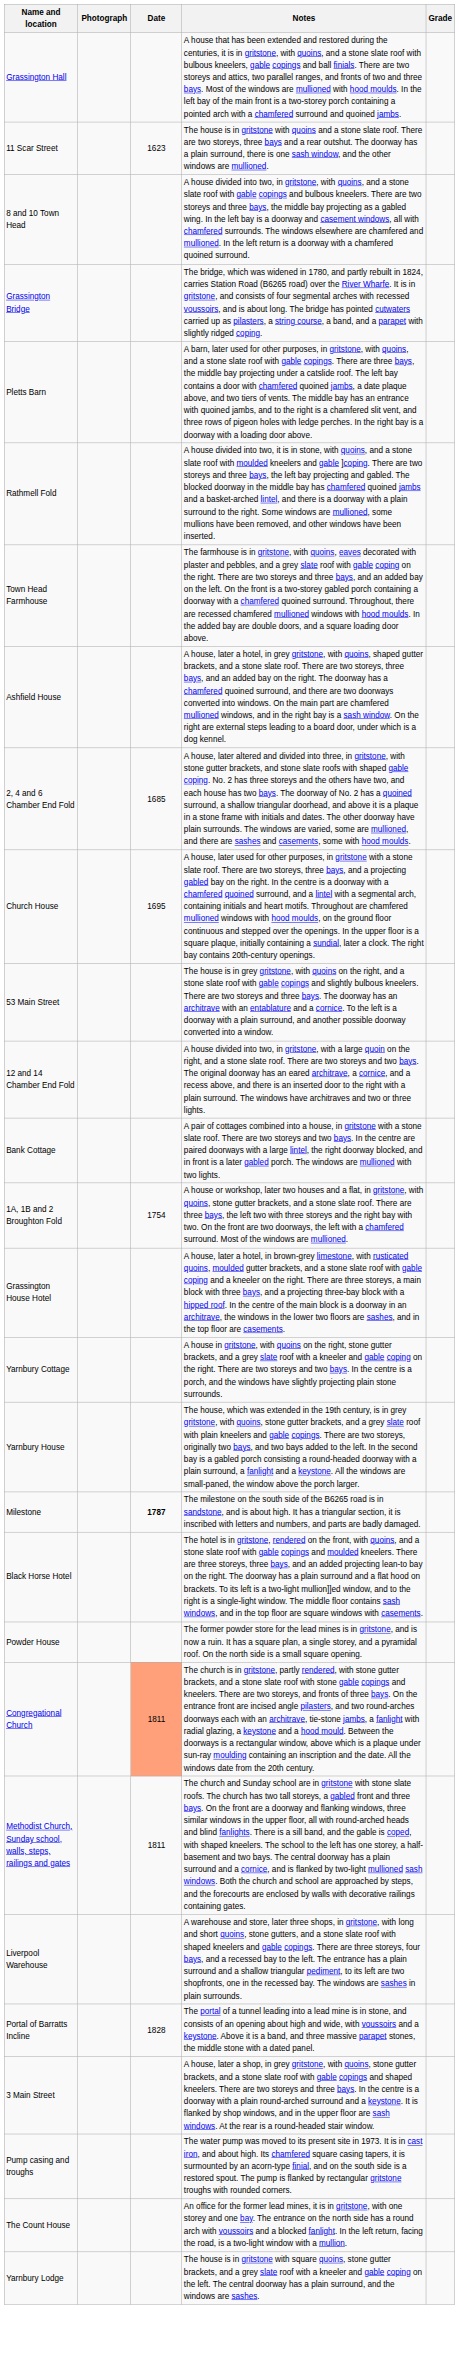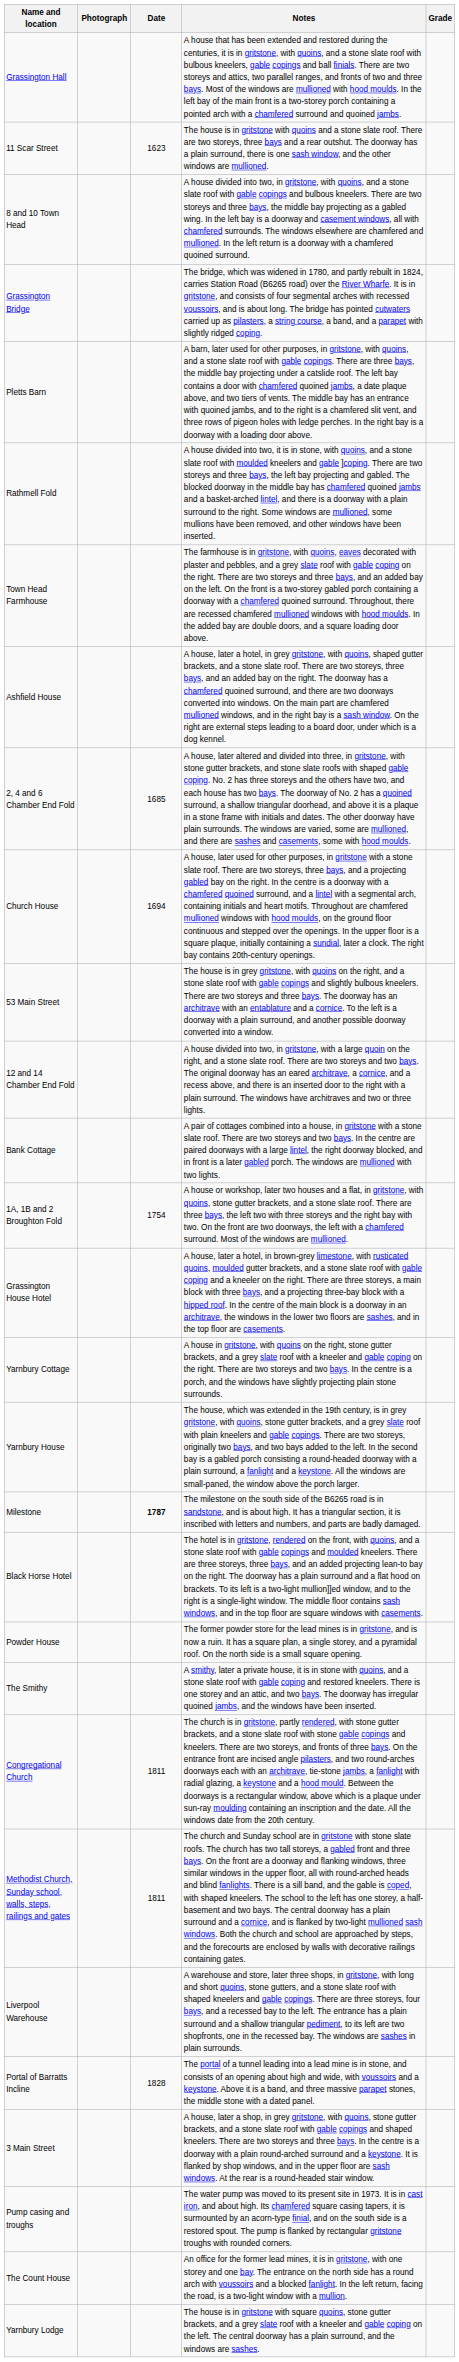 <table class="wikitable sortable plainrowheaders" style="width:100%; border:0px; text-align:left; line-height:150%">
 <tr>
 <th scope="col"  style="width:150px">Name and location</th>
 <th scope="col"  style="width:100px" class="unsortable">Photograph</th>
 <th scope="col"  style="width:120px">Date</th>
 <th scope="col"  style="width:650px" class="unsortable">Notes</th>
 <th scope="col"  style="width:50px">Grade</th>
 </tr>
 <tr>
 <td><a href='#'>Grassington Hall</a><br><small></small></td>
 <td></td>
 <td align="center"></td>
 <td>A house that has been extended and restored during the centuries, it is in <a href='#'>gritstone</a>, with <a href='#'>quoins</a>, and a stone slate roof with bulbous kneelers, <a href='#'>gable</a> <a href='#'>copings</a> and ball <a href='#'>finials</a>.  There are two storeys and attics, two parallel ranges, and fronts of two and three <a href='#'>bays</a>.  Most of the windows are <a href='#'>mullioned</a> with <a href='#'>hood moulds</a>.  In the left bay of the main front is a two-storey porch containing a pointed arch with a <a href='#'>chamfered</a> surround and quoined <a href='#'>jambs</a>.</td>
 <td align="center" ></td>
 </tr>
 <tr>
 <td>11 Scar Street<br><small></small></td>
 <td></td>
 <td align="center">1623</td>
 <td>The house is in <a href='#'>gritstone</a> with <a href='#'>quoins</a> and a stone slate roof.  There are two storeys, three <a href='#'>bays</a> and a rear outshut.  The doorway has a plain surround, there is one <a href='#'>sash window</a>, and the other windows are <a href='#'>mullioned</a>.</td>
 <td align="center" ></td>
 </tr>
 <tr>
 <td>8 and 10 Town Head<br><small></small></td>
 <td></td>
 <td align="center"></td>
 <td>A house divided into two, in <a href='#'>gritstone</a>, with <a href='#'>quoins</a>, and a stone slate roof with <a href='#'>gable</a> <a href='#'>copings</a> and bulbous kneelers.  There are two storeys and three <a href='#'>bays</a>, the middle bay projecting as a gabled wing.  In the left bay is a doorway and <a href='#'>casement windows</a>, all with <a href='#'>chamfered</a> surrounds.  The windows elsewhere are chamfered and <a href='#'>mullioned</a>.  In the left return is a doorway with a chamfered quoined surround.</td>
 <td align="center" ></td>
 </tr>
 <tr>
 <td><a href='#'>Grassington Bridge</a><br><small></small></td>
 <td></td>
 <td align="center"></td>
 <td>The bridge, which was widened in 1780, and partly rebuilt in 1824, carries Station Road (B6265 road) over the <a href='#'>River Wharfe</a>.  It is in <a href='#'>gritstone</a>, and consists of four segmental arches with recessed <a href='#'>voussoirs</a>, and is about  long.  The bridge has pointed <a href='#'>cutwaters</a> carried up as <a href='#'>pilasters</a>, a <a href='#'>string course</a>, a band, and a <a href='#'>parapet</a> with slightly ridged <a href='#'>coping</a>.</td>
 <td align="center" ></td>
 </tr>
 <tr>
 <td>Pletts Barn<br><small></small></td>
 <td></td>
 <td align="center"></td>
 <td>A barn, later used for other purposes, in <a href='#'>gritstone</a>, with <a href='#'>quoins</a>, and a stone slate roof with <a href='#'>gable</a> <a href='#'>copings</a>.  There are three <a href='#'>bays</a>, the middle bay projecting under a catslide roof.  The left bay contains a door with <a href='#'>chamfered</a> quoined <a href='#'>jambs</a>, a date plaque above, and two tiers of vents.  The middle bay has an entrance with quoined jambs, and to the right is a chamfered slit vent, and three rows of pigeon holes with ledge perches.  In the right bay is a doorway with a loading door above.</td>
 <td align="center" ></td>
 </tr>
 <tr>
 <td>Rathmell Fold<br><small></small></td>
 <td></td>
 <td align="center"></td>
 <td>A house divided into two, it is in stone, with <a href='#'>quoins</a>, and a stone slate roof with <a href='#'>moulded</a> kneelers and <a href='#'>gable</a> ]<a href='#'>coping</a>.  There are two storeys and three <a href='#'>bays</a>, the left bay projecting and gabled.  The blocked doorway in the middle bay has <a href='#'>chamfered</a> quoined <a href='#'>jambs</a> and a basket-arched <a href='#'>lintel</a>, and there is a doorway with a plain surround to the right. Some windows are <a href='#'>mullioned</a>, some mullions have been removed, and other windows have been inserted.</td>
 <td align="center" ></td>
 </tr>
 <tr>
 <td>Town Head Farmhouse<br><small></small></td>
 <td></td>
 <td align="center"></td>
 <td>The farmhouse is in <a href='#'>gritstone</a>, with <a href='#'>quoins</a>, <a href='#'>eaves</a> decorated with plaster and pebbles, and a grey <a href='#'>slate</a> roof with <a href='#'>gable</a> <a href='#'>coping</a> on the right.  There are two storeys and three <a href='#'>bays</a>, and an added bay on the left.  On the front is a two-storey gabled porch containing a doorway with a <a href='#'>chamfered</a> quoined surround.  Throughout, there are recessed chamfered <a href='#'>mullioned</a> windows with <a href='#'>hood moulds</a>.  In the added bay are double doors, and a square loading door above.</td>
 <td align="center" ></td>
 </tr>
 <tr>
 <td>Ashfield House<br><small></small></td>
 <td></td>
 <td align="center"></td>
 <td>A house, later a hotel, in grey <a href='#'>gritstone</a>, with <a href='#'>quoins</a>, shaped gutter brackets, and a stone slate roof.  There are two storeys, three <a href='#'>bays</a>, and an added bay on the right.  The doorway has a <a href='#'>chamfered</a> quoined surround, and there are two doorways converted into windows.  On the main part are chamfered <a href='#'>mullioned</a> windows, and in the right bay is a <a href='#'>sash window</a>.  On the right are external steps leading to a board door, under which is a dog kennel.</td>
 <td align="center" ></td>
 </tr>
 <tr>
 <td>2, 4 and 6 Chamber End Fold<br><small></small></td>
 <td></td>
 <td align="center">1685</td>
 <td>A house, later altered and divided into three, in <a href='#'>gritstone</a>, with stone gutter brackets, and stone slate roofs with shaped <a href='#'>gable</a> <a href='#'>coping</a>.  No. 2 has three storeys and the others have two, and each house has two <a href='#'>bays</a>.  The doorway of No. 2 has a <a href='#'>quoined</a> surround, a shallow triangular doorhead, and above it is a plaque in a stone frame with initials and dates.  The other doorway have plain surrounds.  The windows are varied, some are <a href='#'>mullioned</a>, and there are <a href='#'>sashes</a> and <a href='#'>casements</a>, some with <a href='#'>hood moulds</a>.</td>
 <td align="center" ></td>
 </tr>
 <tr>
 <td>Church House<br><small></small></td>
 <td></td>
-<td align="center">1695</td>
+<td align="center">1694</td>
 <td>A house, later used for other purposes, in <a href='#'>gritstone</a> with a stone slate roof.  There are two storeys, three <a href='#'>bays</a>, and a projecting <a href='#'>gabled</a> bay on the right.  In the centre is a doorway with a <a href='#'>chamfered</a> <a href='#'>quoined</a> surround, and a <a href='#'>lintel</a> with a segmental arch, containing initials and heart motifs.  Throughout are chamfered <a href='#'>mullioned</a> windows with <a href='#'>hood moulds</a>, on the ground floor continuous and stepped over the openings.  In the upper floor is a square plaque, initially containing a <a href='#'>sundial</a>, later a clock.  The right bay contains 20th-century openings.</td>
 <td align="center" ></td>
 </tr>
 <tr>
 <td>53 Main Street<br><small></small></td>
 <td></td>
 <td align="center"></td>
 <td>The house is in grey <a href='#'>gritstone</a>, with <a href='#'>quoins</a> on the right, and a stone slate roof with <a href='#'>gable</a> <a href='#'>copings</a> and slightly bulbous kneelers.  There are two storeys and three <a href='#'>bays</a>.  The doorway has an <a href='#'>architrave</a> with an <a href='#'>entablature</a> and a <a href='#'>cornice</a>.  To the left is a doorway with a plain surround, and another possible doorway converted into a window.</td>
 <td align="center" ></td>
 </tr>
 <tr>
 <td>12 and 14 Chamber End Fold<br><small></small></td>
 <td></td>
 <td align="center"></td>
 <td>A house divided into two, in <a href='#'>gritstone</a>, with a large <a href='#'>quoin</a> on the right, and a stone slate roof.  There are two storeys and two <a href='#'>bays</a>.  The original doorway has an eared <a href='#'>architrave</a>, a <a href='#'>cornice</a>, and a recess above, and there is an inserted door to the right with a plain surround.  The windows have architraves and two or three lights.</td>
 <td align="center" ></td>
 </tr>
 <tr>
 <td>Bank Cottage<br><small></small></td>
 <td></td>
 <td align="center"></td>
 <td>A pair of cottages combined into a house, in <a href='#'>gritstone</a> with a stone slate roof.  There are two storeys and two <a href='#'>bays</a>.  In the centre are paired doorways with a large <a href='#'>lintel</a>, the right doorway blocked, and in front is a later <a href='#'>gabled</a> porch.  The windows are <a href='#'>mullioned</a> with two lights.</td>
 <td align="center" ></td>
 </tr>
 <tr>
 <td>1A, 1B and 2 Broughton Fold<br><small></small></td>
 <td></td>
 <td align="center">1754</td>
 <td>A house or workshop, later two houses and a flat, in <a href='#'>gritstone</a>, with <a href='#'>quoins</a>, stone gutter brackets, and a stone slate roof.  There are three <a href='#'>bays</a>, the left two with three storeys and the right bay with two.  On the front are two doorways, the left with a <a href='#'>chamfered</a> surround.  Most of the windows are <a href='#'>mullioned</a>.</td>
 <td align="center" ></td>
 </tr>
 <tr>
 <td>Grassington House Hotel<br><small></small></td>
 <td></td>
 <td align="center"></td>
 <td>A house, later a hotel, in brown-grey <a href='#'>limestone</a>, with <a href='#'>rusticated</a> <a href='#'>quoins</a>, <a href='#'>moulded</a> gutter brackets, and a stone slate roof with <a href='#'>gable</a> <a href='#'>coping</a> and a kneeler on the right.  There are three storeys, a main block with three <a href='#'>bays</a>, and a projecting three-bay block with a <a href='#'>hipped roof</a>.  In the centre of the main block is a doorway in an <a href='#'>architrave</a>, the windows in the lower two floors are <a href='#'>sashes</a>, and in the top floor are <a href='#'>casements</a>.</td>
 <td align="center" ></td>
 </tr>
 <tr>
 <td>Yarnbury Cottage<br><small></small></td>
 <td></td>
 <td align="center"></td>
 <td>A house in <a href='#'>gritstone</a>, with <a href='#'>quoins</a> on the right, stone gutter brackets, and a grey <a href='#'>slate</a> roof with a kneeler and <a href='#'>gable</a> <a href='#'>coping</a> on the right.  There are two storeys and two <a href='#'>bays</a>.  In the centre is a porch, and the windows have slightly projecting plain stone surrounds.</td>
 <td align="center" ></td>
 </tr>
 <tr>
 <td>Yarnbury House<br><small></small></td>
 <td></td>
 <td align="center"></td>
 <td>The house, which was extended in the 19th century, is in grey <a href='#'>gritstone</a>, with <a href='#'>quoins</a>, stone gutter brackets, and a grey <a href='#'>slate</a> roof with plain kneelers and <a href='#'>gable</a> <a href='#'>copings</a>.  There are two storeys, originally two <a href='#'>bays</a>, and two bays added to the left.  In the second bay is a gabled porch consisting a round-headed doorway with a plain surround, a <a href='#'>fanlight</a> and a <a href='#'>keystone</a>.  All the windows are small-paned, the window above the porch larger.</td>
 <td align="center" ></td>
 </tr>
 <tr>
 <td>Milestone<br><small></small></td>
 <td></td>
 <td align="center"><strong>1787</strong></td>
 <td>The milestone on the south side of the B6265 road is in <a href='#'>sandstone</a>, and is about  high.  It has a triangular section, it is inscribed with letters and numbers, and parts are badly damaged.</td>
 <td align="center" ></td>
 </tr>
 <tr>
 <td>Black Horse Hotel<br><small></small></td>
 <td></td>
 <td align="center"></td>
 <td>The hotel is in <a href='#'>gritstone</a>, <a href='#'>rendered</a> on the front, with <a href='#'>quoins</a>, and a stone slate roof with <a href='#'>gable</a> <a href='#'>copings</a> and <a href='#'>moulded</a> kneelers.  There are three storeys, three <a href='#'>bays</a>, and an added projecting lean-to bay on the right.  The doorway has a plain surround and a flat hood on brackets. To its left is a two-light mullion]]ed window, and to the right is a single-light window.  The middle floor contains <a href='#'>sash windows</a>, and in the top floor are square windows with <a href='#'>casements</a>.</td>
 <td align="center" ></td>
 </tr>
 <tr>
 <td>Powder House<br><small></small></td>
 <td></td>
 <td align="center"></td>
 <td>The former powder store for the lead mines is in <a href='#'>gritstone</a>, and is now a ruin.  It has a square plan, a single storey, and a pyramidal roof.  On the north side is a small square opening.</td>
 <td align="center" ></td>
 </tr>
 <tr>
+<td>The Smithy<br><small></small></td>
+<td></td>
+<td align="center"></td>
+<td>A <a href='#'>smithy</a>, later a private house, it is in stone with <a href='#'>quoins</a>, and a stone slate roof with <a href='#'>gable</a> <a href='#'>coping</a> and restored kneelers.  There is one storey and an attic, and two <a href='#'>bays</a>.  The doorway has irregular quoined <a href='#'>jambs</a>, and the windows have been inserted.</td>
+<td align="center" ></td>
+</tr>
+<tr>
 <td><a href='#'>Congregational Church</a><br><small></small></td>
 <td></td>
-<td align="center" style="background: lightsalmon;">1811</td>
+<td align="center">1811</td>
 <td>The church is in <a href='#'>gritstone</a>, partly <a href='#'>rendered</a>, with stone gutter brackets, and a stone slate roof with stone <a href='#'>gable</a> <a href='#'>copings</a> and kneelers.  There are two storeys, and fronts of three <a href='#'>bays</a>.  On the entrance front are incised angle <a href='#'>pilasters</a>, and two round-arches doorways each with an <a href='#'>architrave</a>, tie-stone <a href='#'>jambs</a>, a <a href='#'>fanlight</a> with radial glazing, a <a href='#'>keystone</a> and a <a href='#'>hood mould</a>.  Between the doorways is a rectangular window, above which is a plaque under sun-ray <a href='#'>moulding</a> containing an inscription and the date.  All the windows date from the 20th century.</td>
 <td align="center" ></td>
 </tr>
 <tr>
 <td><a href='#'>Methodist Church, Sunday school, walls, steps, railings and gates</a><br><small></small></td>
 <td></td>
 <td align="center">1811</td>
 <td>The church and Sunday school are in <a href='#'>gritstone</a> with stone slate roofs.  The church has two tall storeys, a <a href='#'>gabled</a> front and three <a href='#'>bays</a>.  On the front are a doorway and flanking windows, three similar windows in the upper floor, all with round-arched heads and blind <a href='#'>fanlights</a>.  There is a sill band, and the gable is <a href='#'>coped</a>, with shaped kneelers.  The school to the left has one storey, a half-basement and two bays.  The central doorway has a plain surround and a <a href='#'>cornice</a>, and is flanked by two-light <a href='#'>mullioned</a> <a href='#'>sash windows</a>.  Both the church and school are approached by steps, and the forecourts are enclosed by walls with decorative railings containing gates.</td>
 <td align="center" ></td>
 </tr>
 <tr>
 <td>Liverpool Warehouse<br><small></small></td>
 <td></td>
 <td align="center"></td>
 <td>A warehouse and store, later three shops, in <a href='#'>gritstone</a>, with long and short <a href='#'>quoins</a>, stone gutters, and a stone slate roof with shaped kneelers and <a href='#'>gable</a> <a href='#'>copings</a>.  There are three storeys, four <a href='#'>bays</a>, and a recessed bay to the left.  The entrance has a plain surround and a shallow triangular <a href='#'>pediment</a>, to its left are two shopfronts, one in the recessed bay.  The windows are <a href='#'>sashes</a> in plain surrounds.</td>
 <td align="center" ></td>
 </tr>
 <tr>
 <td>Portal of Barratts Incline<br><small></small></td>
 <td></td>
 <td align="center">1828</td>
 <td>The <a href='#'>portal</a> of a tunnel leading into a lead mine is in stone, and consists of an opening about  high and  wide, with <a href='#'>voussoirs</a> and a <a href='#'>keystone</a>.  Above it is a band, and three massive <a href='#'>parapet</a> stones, the middle stone with a dated panel.</td>
 <td align="center" ></td>
 </tr>
 <tr>
 <td>3 Main Street<br><small></small></td>
 <td></td>
 <td align="center"></td>
 <td>A house, later a shop, in grey <a href='#'>gritstone</a>, with <a href='#'>quoins</a>, stone gutter brackets, and a stone slate roof with <a href='#'>gable</a> <a href='#'>copings</a> and shaped kneelers.  There are two storeys and three <a href='#'>bays</a>.  In the centre is a doorway with a plain round-arched surround and a <a href='#'>keystone</a>.  It is flanked by shop windows, and in the upper floor are <a href='#'>sash windows</a>.  At the rear is a round-headed stair window.</td>
 <td align="center" ></td>
 </tr>
 <tr>
 <td>Pump casing and troughs<br><small></small></td>
 <td></td>
 <td align="center"></td>
 <td>The water pump was moved to its present site in 1973.  It is in <a href='#'>cast iron</a>, and about  high.  Its <a href='#'>chamfered</a> square casing tapers, it is surmounted by an acorn-type <a href='#'>finial</a>, and on the south side is a restored spout.  The pump is flanked by rectangular <a href='#'>gritstone</a> troughs with rounded corners.</td>
 <td align="center" ></td>
 </tr>
 <tr>
 <td>The Count House<br><small></small></td>
 <td></td>
 <td align="center"></td>
 <td>An office for the former lead mines, it is in <a href='#'>gritstone</a>, with one storey and one <a href='#'>bay</a>.  The entrance on the north side has a round arch with <a href='#'>voussoirs</a> and a blocked <a href='#'>fanlight</a>.  In the left return, facing the road, is a two-light window with a <a href='#'>mullion</a>.</td>
 <td align="center" ></td>
 </tr>
 <tr>
 <td>Yarnbury Lodge<br><small></small></td>
 <td></td>
 <td align="center"></td>
 <td>The house is in <a href='#'>gritstone</a> with square <a href='#'>quoins</a>, stone gutter brackets, and a grey <a href='#'>slate</a> roof with a kneeler and <a href='#'>gable</a> <a href='#'>coping</a> on the left.  The central doorway has a plain surround, and the windows are <a href='#'>sashes</a>.</td>
 <td align="center" ></td>
 </tr>
 <tr>
 </tr>
 </table>
